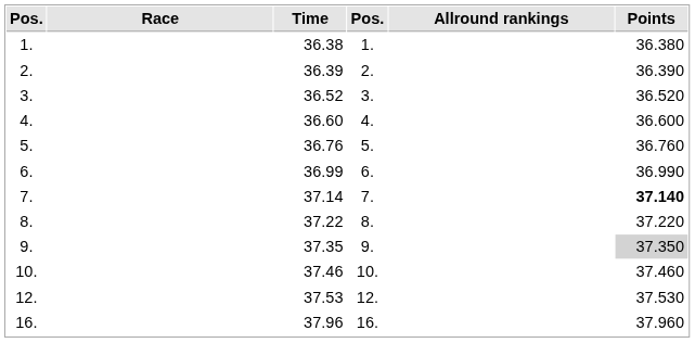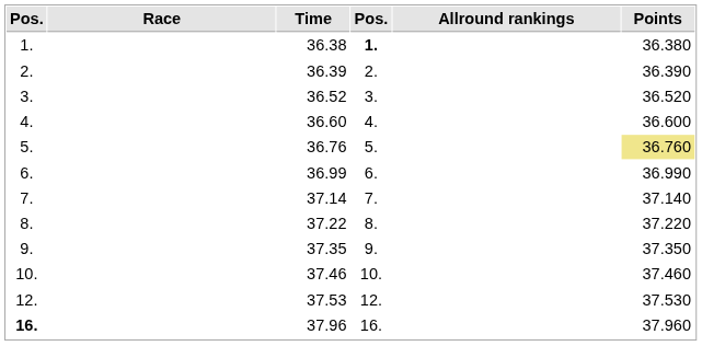 <table cellspacing="1" cellpadding="3" style="border:1px solid #AAAAAA;font-size:90%">
 <tr bgcolor="#E4E4E4">
 <th style="border-bottom:1px solid #AAAAAA" width=10>Pos.</th>
 <th style="border-bottom:1px solid #AAAAAA" width=200>Race</th>
 <th style="border-bottom:1px solid #AAAAAA" width=60>Time</th>
 <th style="border-bottom:1px solid #AAAAAA" width=10>Pos.</th>
 <th style="border-bottom:1px solid #AAAAAA" width=200>Allround rankings</th>
 <th style="border-bottom:1px solid #AAAAAA" width=60>Points</th>
 </tr>
 <tr>
 <td align="center">1.</td>
 <td></td>
 <td align="right">36.38</td>
-<td align="center">1.</td>
+<td align="center"><strong>1.</strong></td>
 <td></td>
 <td align="right">36.380</td>
 </tr>
 <tr>
 <td align="center">2.</td>
 <td></td>
 <td align="right">36.39</td>
 <td align="center">2.</td>
 <td></td>
 <td align="right">36.390</td>
 </tr>
 <tr>
 <td align="center">3.</td>
 <td></td>
 <td align="right">36.52</td>
 <td align="center">3.</td>
 <td></td>
 <td align="right">36.520</td>
 </tr>
 <tr>
 <td align="center">4.</td>
 <td></td>
 <td align="right">36.60</td>
 <td align="center">4.</td>
 <td></td>
 <td align="right">36.600</td>
 </tr>
 <tr>
 <td align="center">5.</td>
 <td></td>
 <td align="right">36.76</td>
 <td align="center">5.</td>
 <td></td>
-<td align="right">36.760</td>
+<td align="right" style="background: khaki;">36.760</td>
 </tr>
 <tr>
 <td align="center">6.</td>
 <td></td>
 <td align="right">36.99</td>
 <td align="center">6.</td>
 <td></td>
 <td align="right">36.990</td>
 </tr>
 <tr>
 <td align="center">7.</td>
 <td></td>
 <td align="right">37.14</td>
 <td align="center">7.</td>
 <td></td>
-<td align="right"><strong>37.140</strong></td>
+<td align="right">37.140</td>
 </tr>
 <tr>
 <td align="center">8.</td>
 <td></td>
 <td align="right">37.22</td>
 <td align="center">8.</td>
 <td></td>
 <td align="right">37.220</td>
 </tr>
 <tr>
 <td align="center">9.</td>
 <td></td>
 <td align="right">37.35</td>
 <td align="center">9.</td>
 <td></td>
-<td align="right" style="background: lightgrey;">37.350</td>
+<td align="right">37.350</td>
 </tr>
 <tr>
 <td align="center">10.</td>
 <td></td>
 <td align="right">37.46</td>
 <td align="center">10.</td>
 <td></td>
 <td align="right">37.460</td>
 </tr>
 <tr>
 <td align="center">12.</td>
 <td></td>
 <td align="right">37.53</td>
 <td align="center">12.</td>
 <td></td>
 <td align="right">37.530</td>
 </tr>
 <tr>
-<td align="center">16.</td>
+<td align="center"><strong>16.</strong></td>
 <td></td>
 <td align="right">37.96</td>
 <td align="center">16.</td>
 <td></td>
 <td align="right">37.960</td>
 </tr>
 <tr>
 </tr>
 </table>
